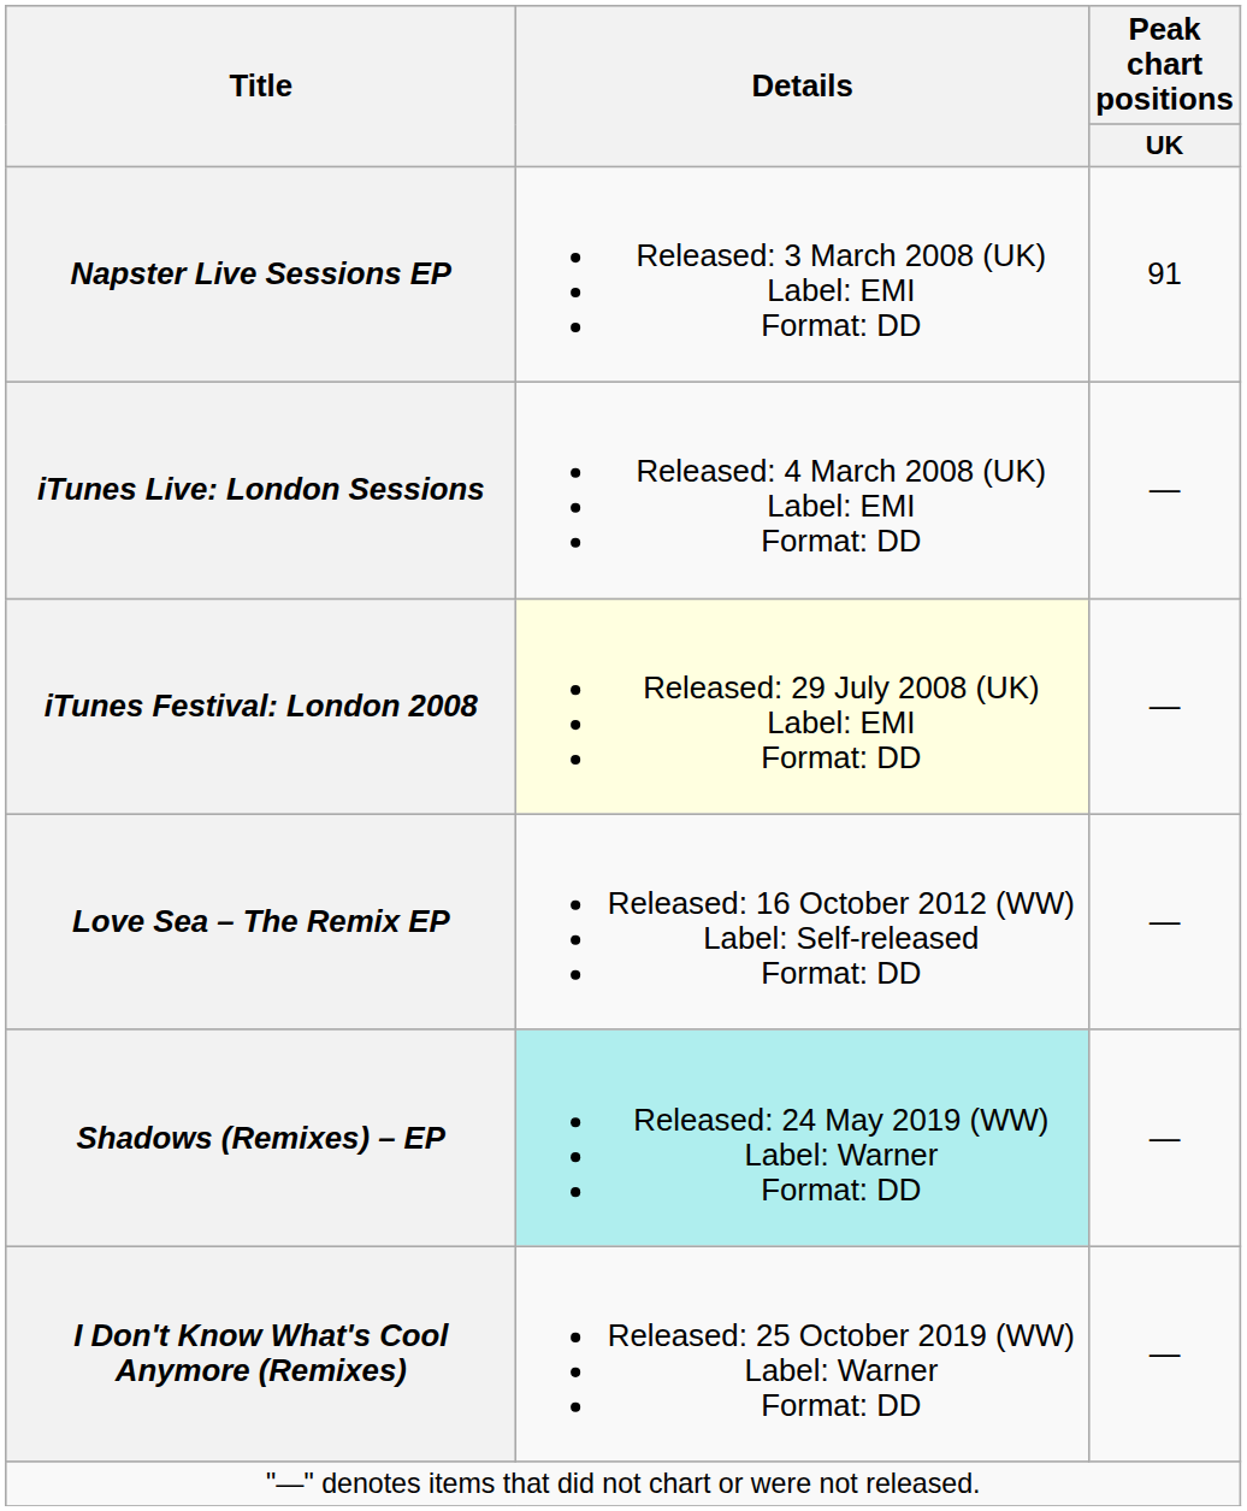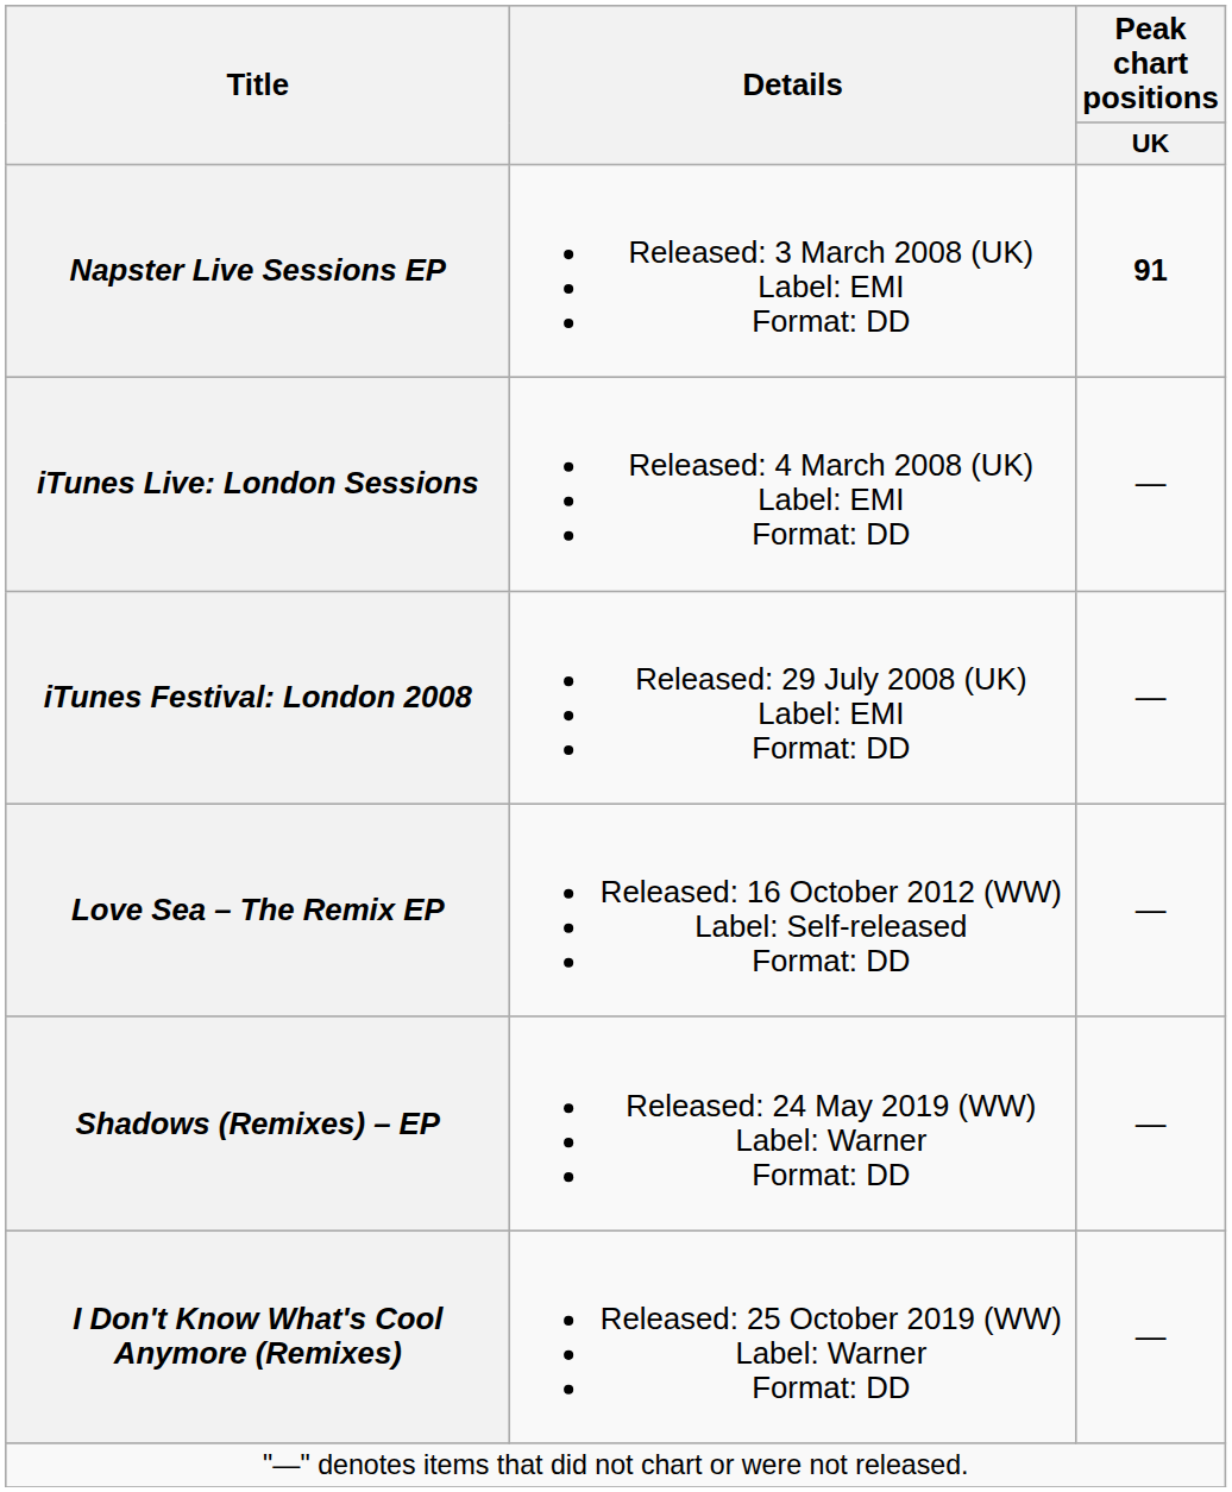 <table class="wikitable plainrowheaders" style="text-align:center;">
 <tr>
 <th scope="col" rowspan="2" style="width:16em;">Title</th>
 <th scope="col" rowspan="2" style="width:18em;">Details</th>
 <th scope="col" colspan="1">Peak chart positions</th>
 </tr>
 <tr>
 <th scope="col" style="width:3em;font-size:85%;">UK<br></th>
 </tr>
 <tr>
 <th scope="row"><em>Napster Live Sessions EP</em></th>
 <td><br><ul><li>Released: 3 March 2008 <span>(UK)</span></li><li>Label: EMI</li><li>Format: DD</li></ul></td>
-<td>91</td>
+<td><strong>91</strong></td>
 </tr>
 <tr>
 <th scope="row"><em>iTunes Live: London Sessions</em></th>
 <td><br><ul><li>Released: 4 March 2008 <span>(UK)</span></li><li>Label: EMI</li><li>Format: DD</li></ul></td>
 <td>—</td>
 </tr>
 <tr>
 <th scope="row"><em>iTunes Festival: London 2008</em></th>
-<td style="background: lightyellow;"><br><ul><li>Released: 29 July 2008 <span>(UK)</span></li><li>Label: EMI</li><li>Format: DD</li></ul></td>
+<td><br><ul><li>Released: 29 July 2008 <span>(UK)</span></li><li>Label: EMI</li><li>Format: DD</li></ul></td>
 <td>—</td>
 </tr>
 <tr>
 <th scope="row"><em>Love Sea – The Remix EP</em></th>
 <td><br><ul><li>Released: 16 October 2012 <span>(WW)</span></li><li>Label: Self-released</li><li>Format: DD</li></ul></td>
 <td>—</td>
 </tr>
 <tr>
 <th scope="row"><em>Shadows (Remixes) – EP</em></th>
-<td style="background: paleturquoise;"><br><ul><li>Released: 24 May 2019 <span>(WW)</span></li><li>Label: Warner</li><li>Format: DD</li></ul></td>
+<td><br><ul><li>Released: 24 May 2019 <span>(WW)</span></li><li>Label: Warner</li><li>Format: DD</li></ul></td>
 <td>—</td>
 </tr>
 <tr>
 <th scope="row"><em>I Don't Know What's Cool Anymore (Remixes)</em></th>
 <td><br><ul><li>Released: 25 October 2019 <span>(WW)</span></li><li>Label: Warner</li><li>Format: DD</li></ul></td>
 <td>—</td>
 </tr>
 <tr>
 <td colspan="15" style="font-size:90%;">"—" denotes items that did not chart or were not released.</td>
 </tr>
 </table>
